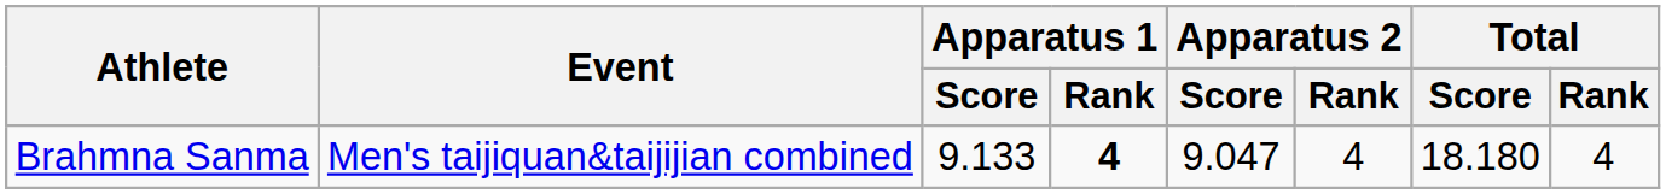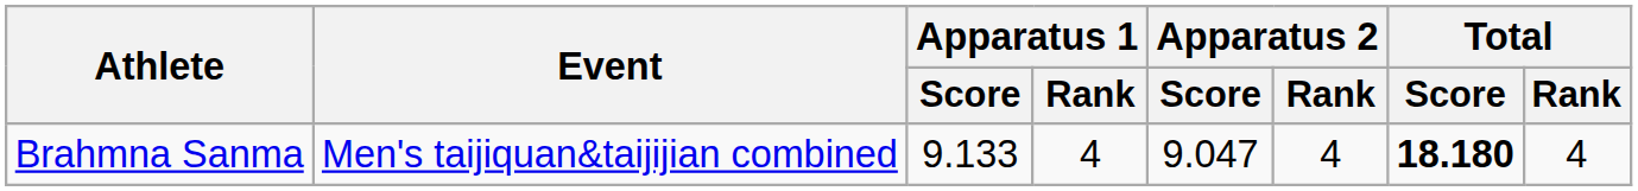 <table class=wikitable style=font-size:90%;text-align:center>
 <tr>
 <th rowspan=2>Athlete</th>
 <th rowspan=2>Event</th>
 <th colspan=2>Apparatus 1</th>
 <th colspan=2>Apparatus 2</th>
 <th colspan=2>Total</th>
 </tr>
 <tr style=font-size:95%>
 <th>Score</th>
 <th>Rank</th>
 <th>Score</th>
 <th>Rank</th>
 <th>Score</th>
 <th>Rank</th>
 </tr>
 <tr>
 <td><a href='#'>Brahmna Sanma</a></td>
 <td><a href='#'>Men's taijiquan&taijijian combined</a></td>
 <td>9.133</td>
-<td><strong>4</strong></td>
+<td>4</td>
 <td>9.047</td>
 <td>4</td>
-<td>18.180</td>
+<td><strong>18.180</strong></td>
 <td>4</td>
 </tr>
 </table>
